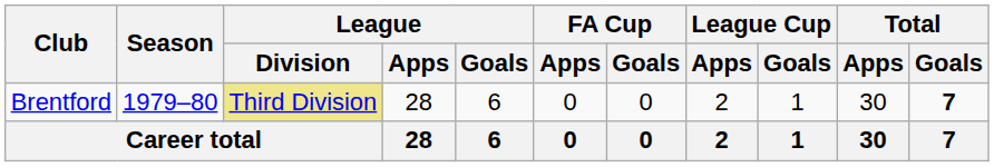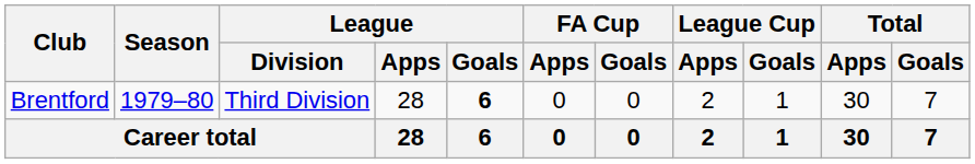 <table class="wikitable" style="text-align: center;">
 <tr>
 <th rowspan="2">Club</th>
 <th rowspan="2">Season</th>
 <th colspan="3">League</th>
 <th colspan="2">FA Cup</th>
 <th colspan="2">League Cup</th>
 <th colspan="2">Total</th>
 </tr>
 <tr>
 <th>Division</th>
 <th>Apps</th>
 <th>Goals</th>
 <th>Apps</th>
 <th>Goals</th>
 <th>Apps</th>
 <th>Goals</th>
 <th>Apps</th>
 <th>Goals</th>
 </tr>
 <tr>
 <td><a href='#'>Brentford</a></td>
 <td><a href='#'>1979–80</a></td>
-<td style="background: khaki;"><a href='#'>Third Division</a></td>
+<td><a href='#'>Third Division</a></td>
 <td>28</td>
-<td>6</td>
+<td><strong>6</strong></td>
 <td>0</td>
 <td>0</td>
 <td>2</td>
 <td>1</td>
 <td>30</td>
-<td><strong>7</strong></td>
+<td>7</td>
 </tr>
 <tr>
 <th colspan="3">Career total</th>
 <th>28</th>
 <th>6</th>
 <th>0</th>
 <th>0</th>
 <th>2</th>
 <th>1</th>
 <th>30</th>
 <th>7</th>
 </tr>
 </table>
